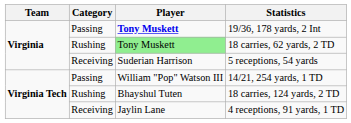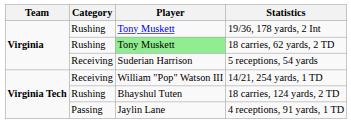 <table class="wikitable" style="float: right;">
 <tr>
 <th>Team</th>
 <th>Category</th>
 <th>Player</th>
 <th>Statistics</th>
 </tr>
 <tr>
 <td rowspan=3><strong>Virginia</strong></td>
-<td>Passing</td>
-<td><strong><a href='#'>Tony Muskett</a></strong></td>
+<td>Rushing</td>
+<td><a href='#'>Tony Muskett</a></td>
 <td>19/36, 178 yards, 2 Int</td>
 </tr>
 <tr>
 <td>Rushing</td>
 <td style="background: lightgreen;">Tony Muskett</td>
 <td>18 carries, 62 yards, 2 TD</td>
 </tr>
 <tr>
 <td>Receiving</td>
 <td>Suderian Harrison</td>
 <td>5 receptions, 54 yards</td>
 </tr>
 <tr>
 <td rowspan=3><strong>Virginia Tech</strong></td>
-<td>Passing</td>
+<td>Receiving</td>
 <td>William "Pop" Watson III</td>
 <td>14/21, 254 yards, 1 TD</td>
 </tr>
 <tr>
 <td>Rushing</td>
 <td>Bhayshul Tuten</td>
 <td>18 carries, 124 yards, 2 TD</td>
 </tr>
 <tr>
-<td>Receiving</td>
+<td>Passing</td>
 <td>Jaylin Lane</td>
 <td>4 receptions, 91 yards, 1 TD</td>
 </tr>
 </table>
